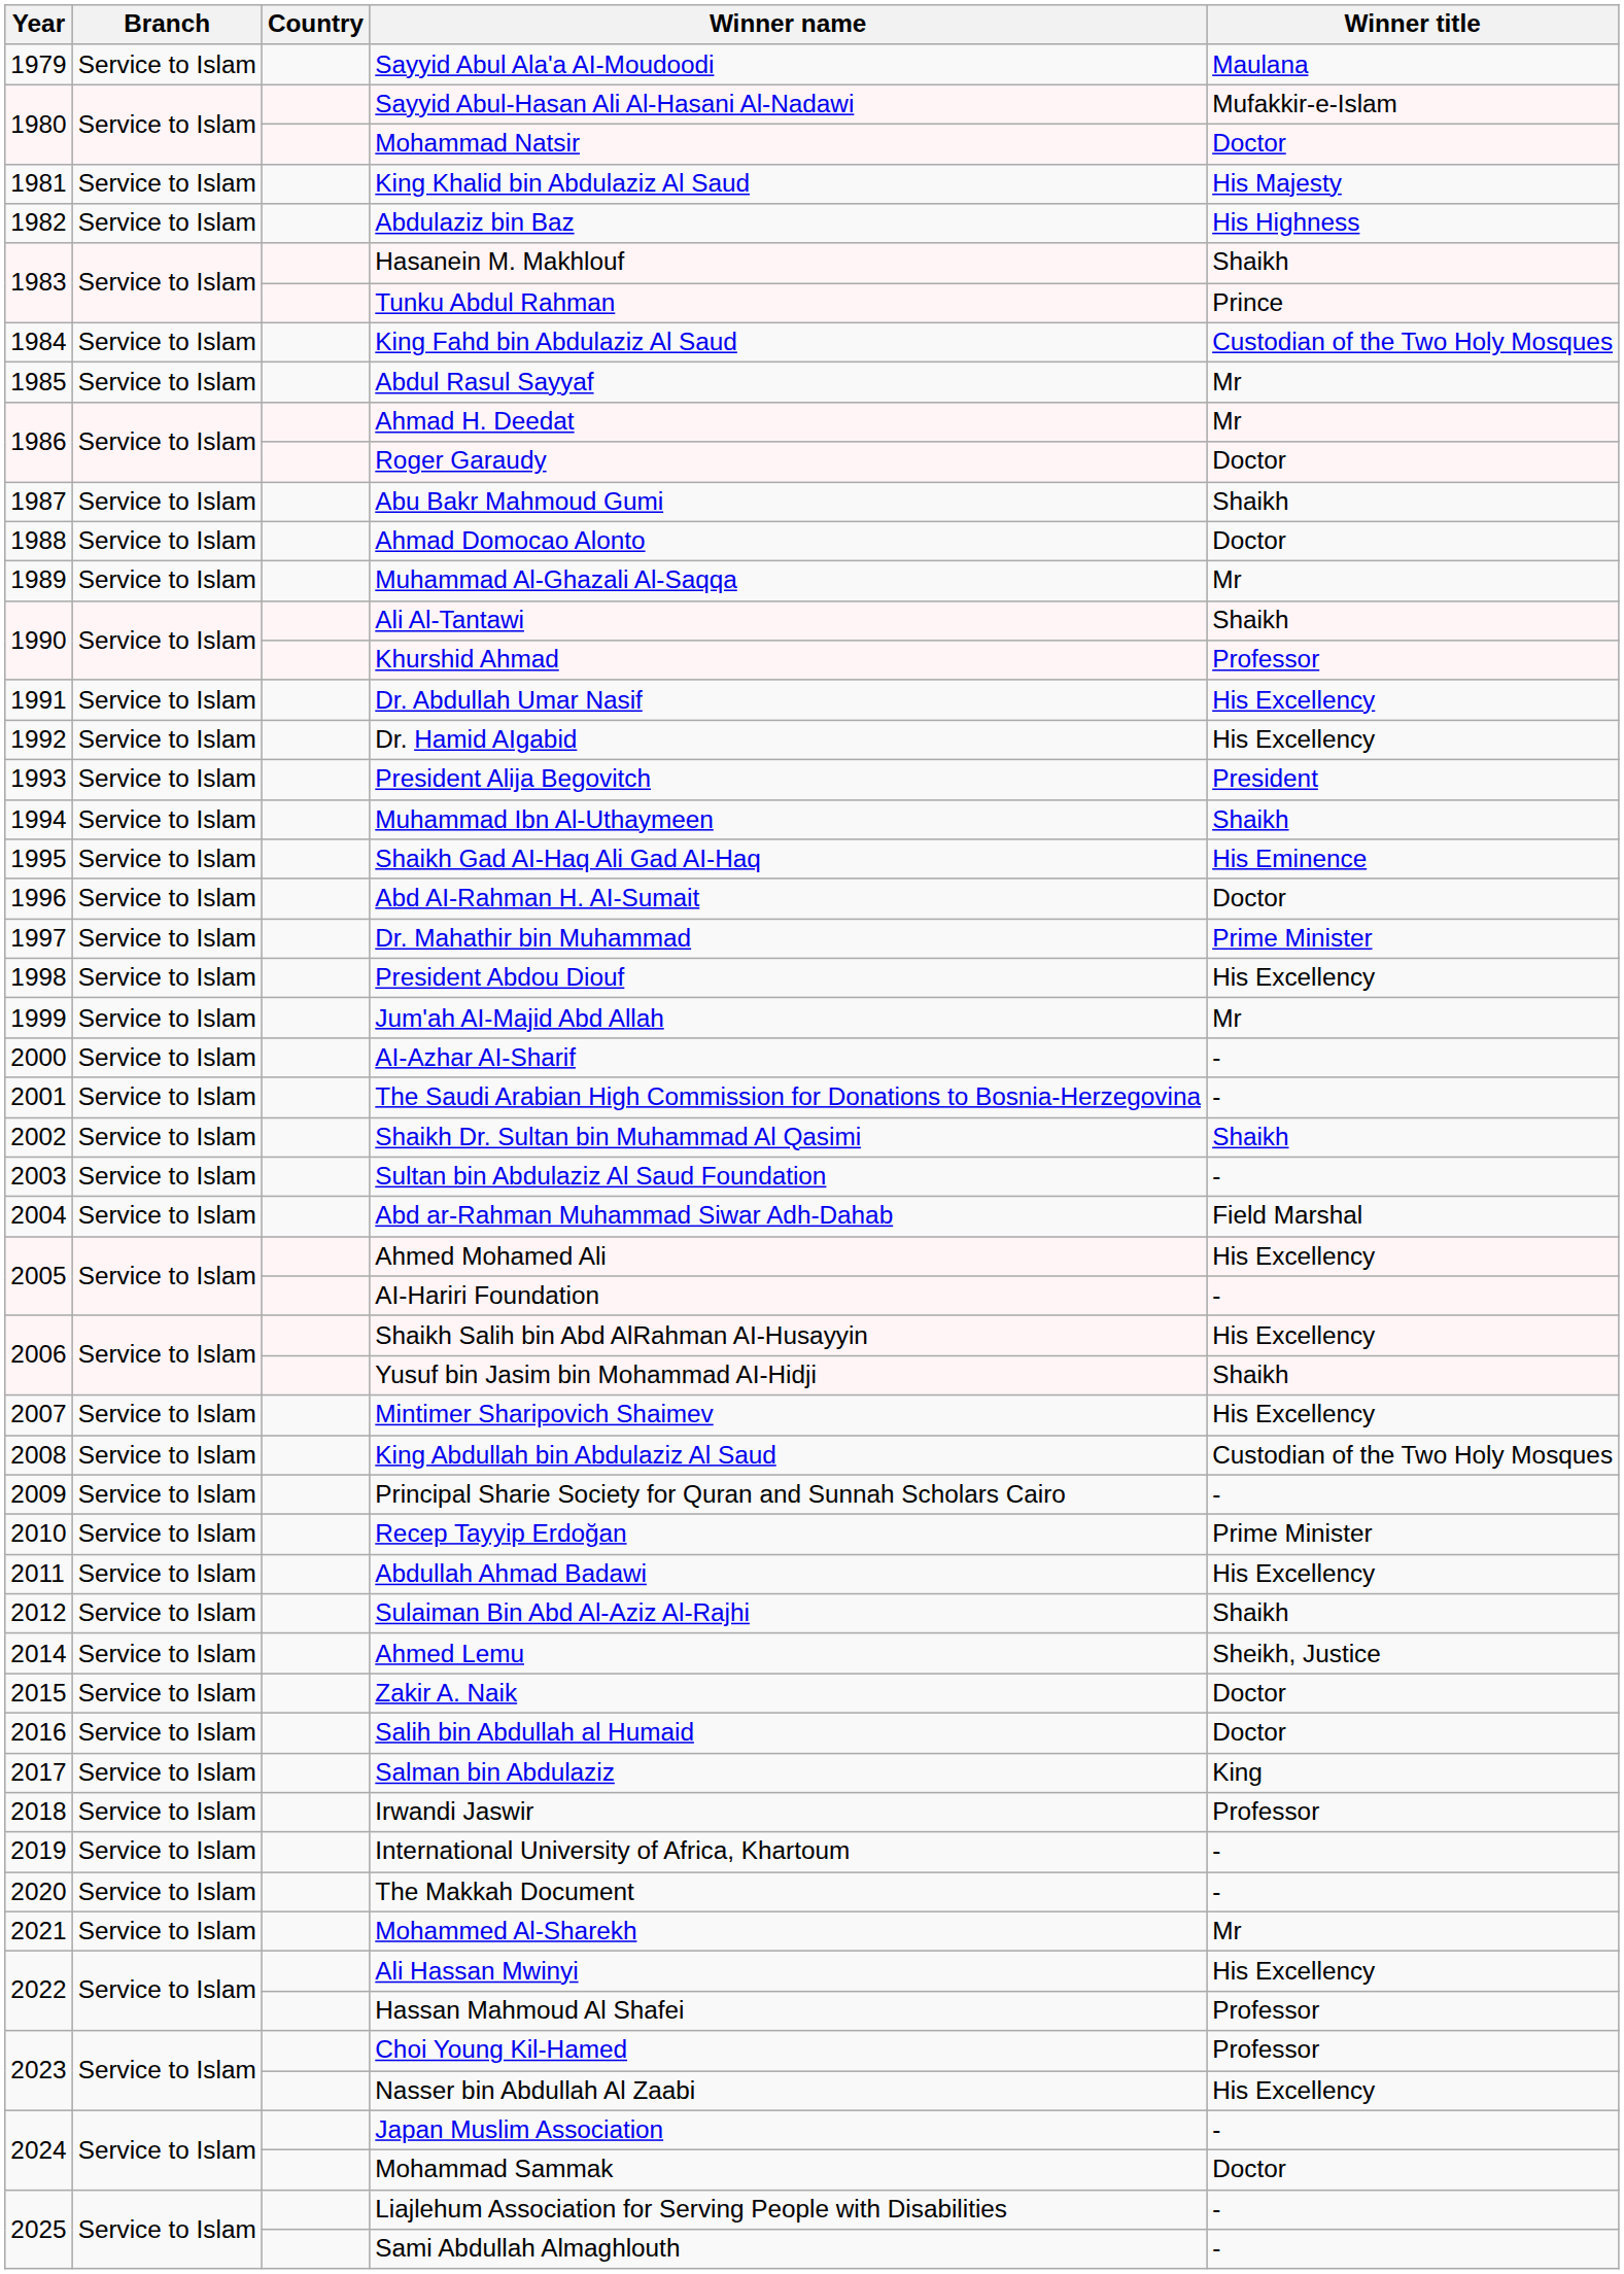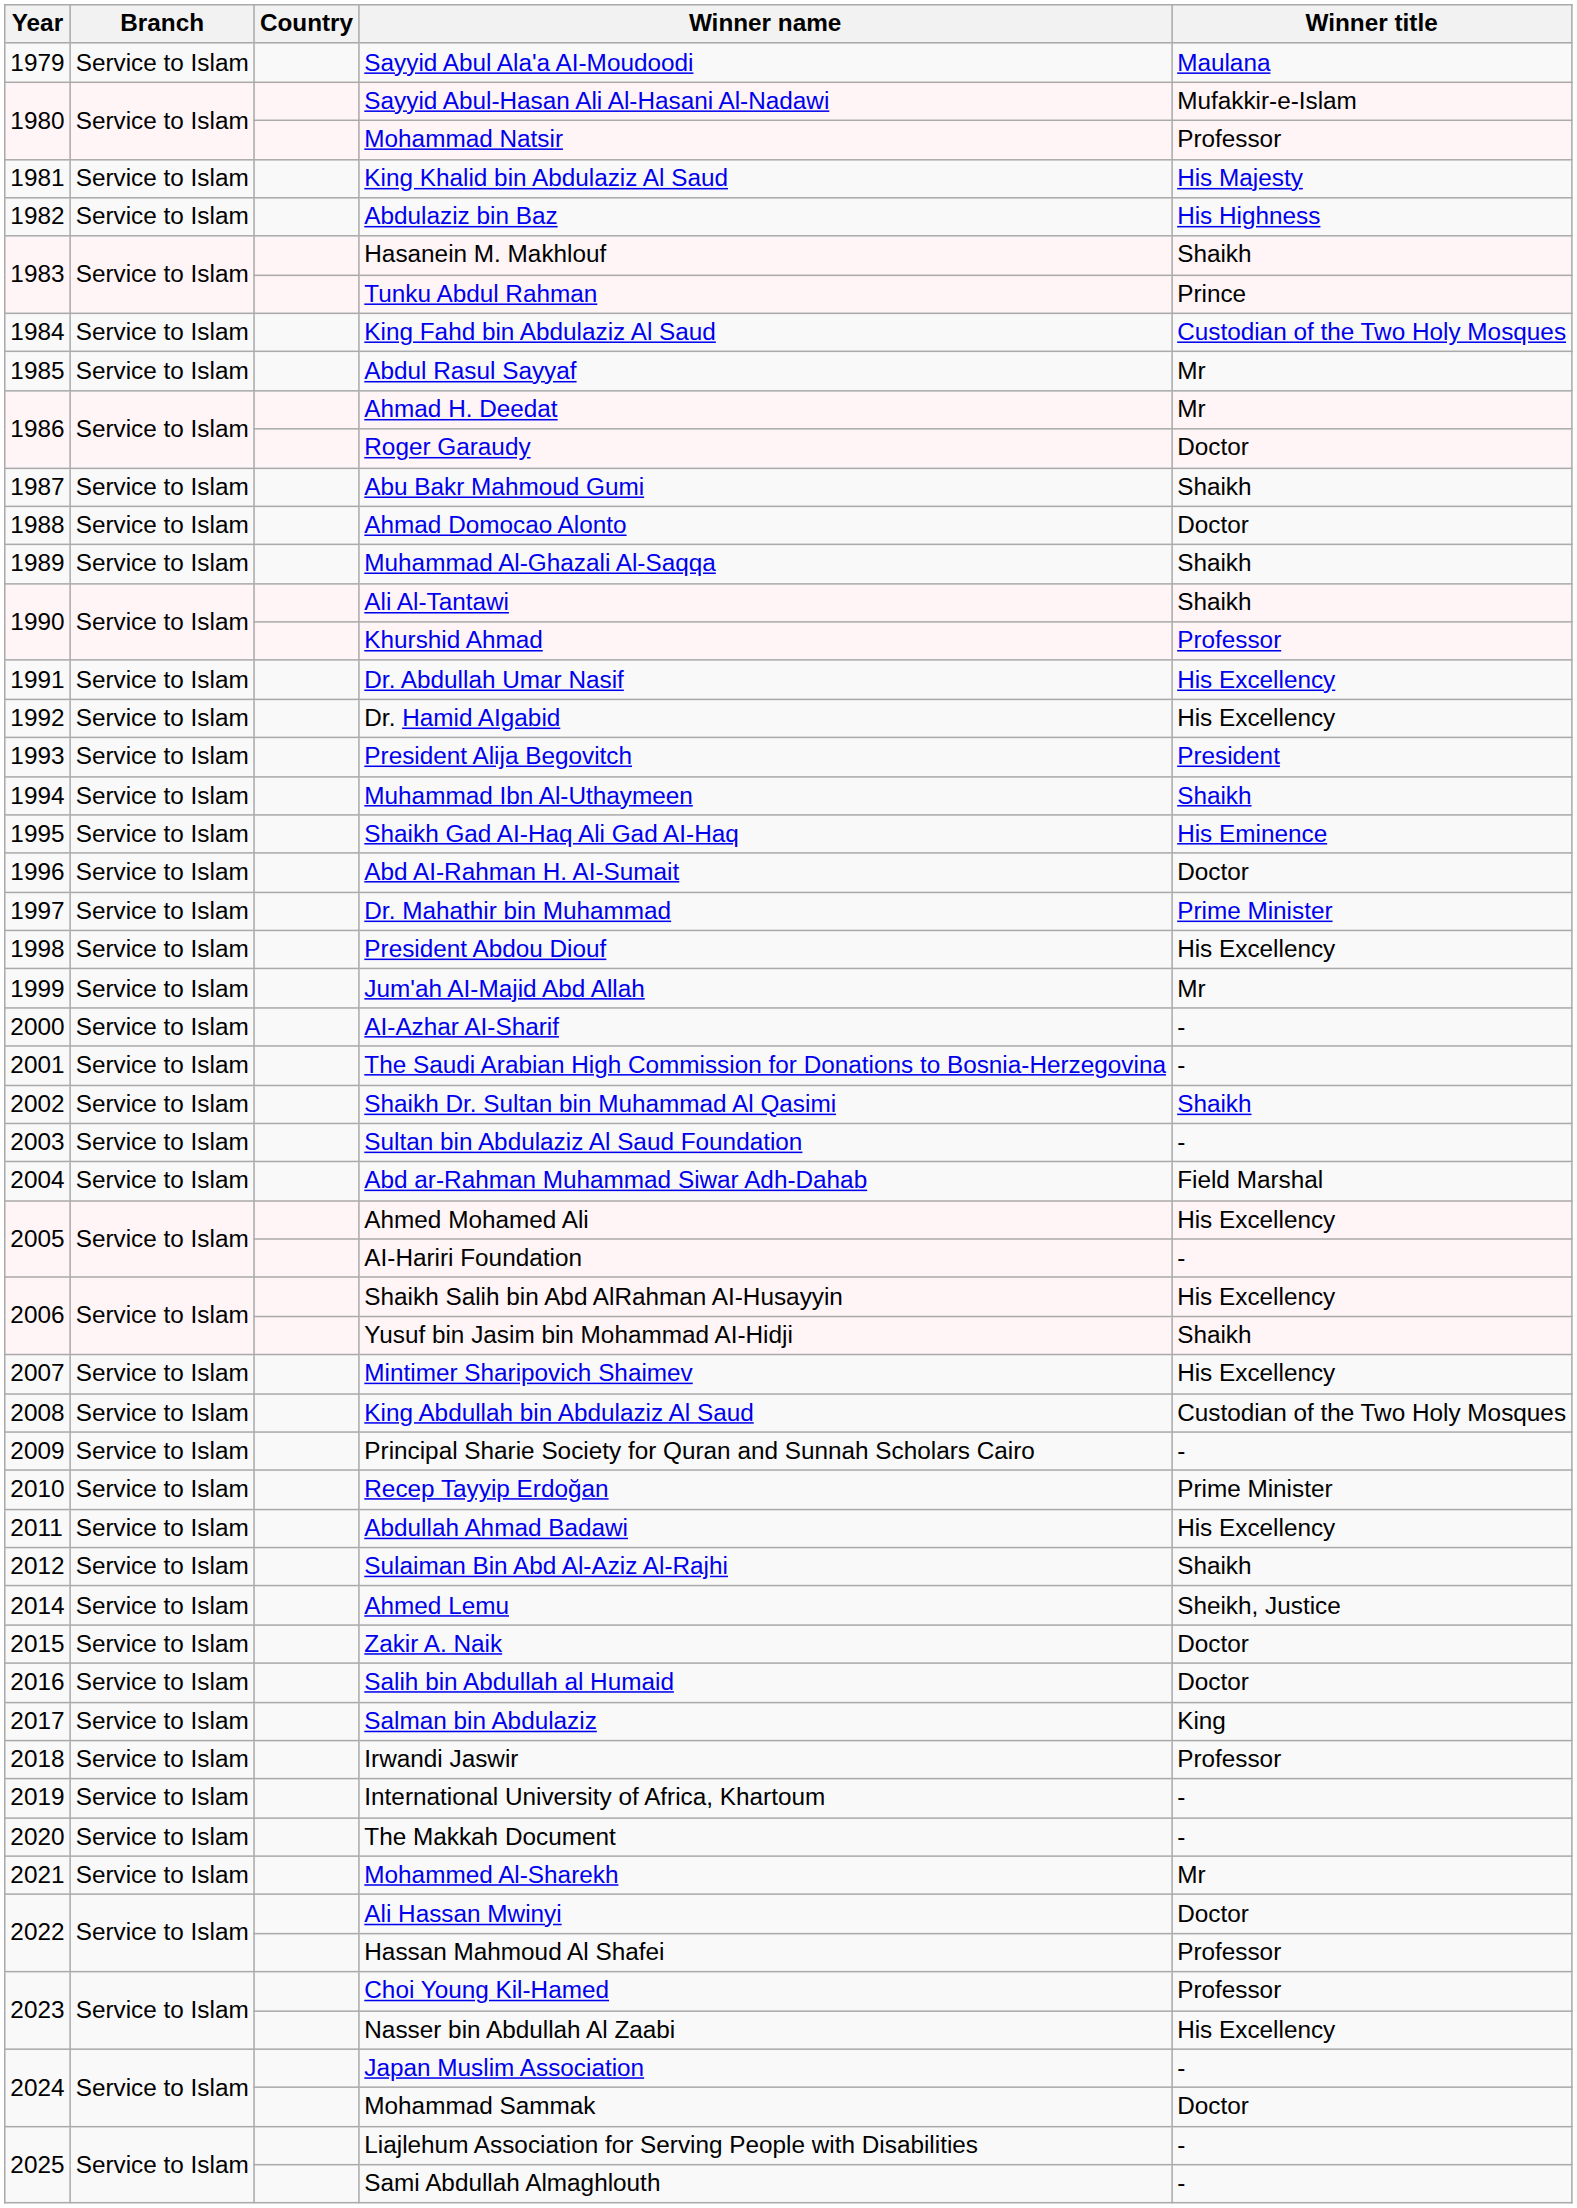 <table class="wikitable sortable" style="min-height: 200px">
 <tr>
 <th>Year</th>
 <th>Branch</th>
 <th>Country</th>
 <th>Winner name</th>
 <th>Winner title</th>
 </tr>
 <tr>
 <td>1979</td>
 <td>Service to Islam</td>
 <td></td>
 <td><a href='#'>Sayyid Abul Ala'a AI-Moudoodi</a></td>
 <td><a href='#'>Maulana</a></td>
 </tr>
 <tr bgcolor="#FFF5F7">
 <td rowspan=2>1980</td>
 <td rowspan=2>Service to Islam</td>
 <td></td>
 <td><a href='#'>Sayyid Abul-Hasan Ali Al-Hasani Al-Nadawi</a></td>
 <td>Mufakkir-e-Islam</td>
 </tr>
 <tr bgcolor="#FFF5F7">
 <td></td>
 <td><a href='#'>Mohammad Natsir</a></td>
-<td><a href='#'>Doctor</a></td>
+<td>Professor</td>
 </tr>
 <tr>
 <td>1981</td>
 <td>Service to Islam</td>
 <td></td>
 <td><a href='#'>King Khalid bin Abdulaziz Al Saud</a></td>
 <td><a href='#'>His Majesty</a></td>
 </tr>
 <tr>
 <td>1982</td>
 <td>Service to Islam</td>
 <td></td>
 <td><a href='#'>Abdulaziz bin Baz</a></td>
 <td><a href='#'>His Highness</a></td>
 </tr>
 <tr bgcolor="#FFF5F7">
 <td rowspan=2>1983</td>
 <td rowspan=2>Service to Islam</td>
 <td></td>
 <td>Hasanein M. Makhlouf</td>
 <td>Shaikh</td>
 </tr>
 <tr bgcolor="#FFF5F7">
 <td></td>
 <td><a href='#'>Tunku Abdul Rahman</a></td>
 <td>Prince</td>
 </tr>
 <tr>
 <td>1984</td>
 <td>Service to Islam</td>
 <td></td>
 <td><a href='#'>King Fahd bin Abdulaziz Al Saud</a></td>
 <td><a href='#'>Custodian of the Two Holy Mosques</a></td>
 </tr>
 <tr>
 <td>1985</td>
 <td>Service to Islam</td>
 <td></td>
 <td><a href='#'>Abdul Rasul Sayyaf</a></td>
 <td>Mr</td>
 </tr>
 <tr bgcolor="#FFF5F7">
 <td rowspan=2>1986</td>
 <td rowspan=2>Service to Islam</td>
 <td></td>
 <td><a href='#'>Ahmad H. Deedat</a></td>
 <td>Mr</td>
 </tr>
 <tr bgcolor="#FFF5F7">
 <td></td>
 <td><a href='#'>Roger Garaudy</a></td>
 <td>Doctor</td>
 </tr>
 <tr>
 <td>1987</td>
 <td>Service to Islam</td>
 <td></td>
 <td><a href='#'>Abu Bakr Mahmoud Gumi</a></td>
 <td>Shaikh</td>
 </tr>
 <tr>
 <td>1988</td>
 <td>Service to Islam</td>
 <td></td>
 <td><a href='#'>Ahmad Domocao Alonto</a></td>
 <td>Doctor</td>
 </tr>
 <tr>
 <td>1989</td>
 <td>Service to Islam</td>
 <td></td>
 <td><a href='#'>Muhammad Al-Ghazali Al-Saqqa</a></td>
-<td>Mr</td>
+<td>Shaikh</td>
 </tr>
 <tr bgcolor="#FFF5F7">
 <td rowspan=2>1990</td>
 <td rowspan=2>Service to Islam</td>
 <td></td>
 <td><a href='#'>Ali Al-Tantawi</a></td>
 <td>Shaikh</td>
 </tr>
 <tr bgcolor="#FFF5F7">
 <td></td>
 <td><a href='#'>Khurshid Ahmad</a></td>
 <td><a href='#'>Professor</a></td>
 </tr>
 <tr>
 <td>1991</td>
 <td>Service to Islam</td>
 <td></td>
 <td><a href='#'>Dr. Abdullah Umar Nasif</a></td>
 <td><a href='#'>His Excellency</a></td>
 </tr>
 <tr>
 <td>1992</td>
 <td>Service to Islam</td>
 <td></td>
 <td>Dr. <a href='#'>Hamid AIgabid</a></td>
 <td>His Excellency</td>
 </tr>
 <tr>
 <td>1993</td>
 <td>Service to Islam</td>
 <td></td>
 <td><a href='#'>President Alija Begovitch</a></td>
 <td><a href='#'>President</a></td>
 </tr>
 <tr>
 <td>1994</td>
 <td>Service to Islam</td>
 <td></td>
 <td><a href='#'>Muhammad Ibn Al-Uthaymeen</a></td>
 <td><a href='#'>Shaikh</a></td>
 </tr>
 <tr>
 <td>1995</td>
 <td>Service to Islam</td>
 <td></td>
 <td><a href='#'>Shaikh Gad AI-Haq Ali Gad AI-Haq</a></td>
 <td><a href='#'>His Eminence</a></td>
 </tr>
 <tr>
 <td>1996</td>
 <td>Service to Islam</td>
 <td></td>
 <td><a href='#'>Abd AI-Rahman H. AI-Sumait</a></td>
 <td>Doctor</td>
 </tr>
 <tr>
 <td>1997</td>
 <td>Service to Islam</td>
 <td></td>
 <td><a href='#'>Dr. Mahathir bin Muhammad</a></td>
 <td><a href='#'>Prime Minister</a></td>
 </tr>
 <tr>
 <td>1998</td>
 <td>Service to Islam</td>
 <td></td>
 <td><a href='#'>President Abdou Diouf</a></td>
 <td>His Excellency</td>
 </tr>
 <tr>
 <td>1999</td>
 <td>Service to Islam</td>
 <td></td>
 <td><a href='#'>Jum'ah AI-Majid Abd Allah</a></td>
 <td>Mr</td>
 </tr>
 <tr>
 <td>2000</td>
 <td>Service to Islam</td>
 <td></td>
 <td><a href='#'>AI-Azhar AI-Sharif</a></td>
 <td>-</td>
 </tr>
 <tr>
 <td>2001</td>
 <td>Service to Islam</td>
 <td></td>
 <td><a href='#'>The Saudi Arabian High Commission for Donations to Bosnia-Herzegovina</a></td>
 <td>-</td>
 </tr>
 <tr>
 <td>2002</td>
 <td>Service to Islam</td>
 <td></td>
 <td><a href='#'>Shaikh Dr. Sultan bin Muhammad Al Qasimi</a></td>
 <td><a href='#'>Shaikh</a></td>
 </tr>
 <tr>
 <td>2003</td>
 <td>Service to Islam</td>
 <td></td>
 <td><a href='#'>Sultan bin Abdulaziz Al Saud Foundation</a></td>
 <td>-</td>
 </tr>
 <tr>
 <td>2004</td>
 <td>Service to Islam</td>
 <td></td>
 <td><a href='#'>Abd ar-Rahman Muhammad Siwar Adh-Dahab</a></td>
 <td>Field Marshal</td>
 </tr>
 <tr bgcolor="#FFF5F7">
 <td rowspan=2>2005</td>
 <td rowspan=2>Service to Islam</td>
 <td></td>
 <td>Ahmed Mohamed Ali</td>
 <td>His Excellency</td>
 </tr>
 <tr bgcolor="#FFF5F7">
 <td></td>
 <td>AI-Hariri Foundation</td>
 <td>-</td>
 </tr>
 <tr bgcolor="#FFF5F7">
 <td rowspan=2>2006</td>
 <td rowspan=2>Service to Islam</td>
 <td></td>
 <td>Shaikh Salih bin Abd AlRahman AI-Husayyin</td>
 <td>His Excellency</td>
 </tr>
 <tr bgcolor="#FFF5F7">
 <td></td>
 <td>Yusuf bin Jasim bin Mohammad AI-Hidji</td>
 <td>Shaikh</td>
 </tr>
 <tr>
 <td>2007</td>
 <td>Service to Islam</td>
 <td></td>
 <td><a href='#'>Mintimer Sharipovich Shaimev</a></td>
 <td>His Excellency</td>
 </tr>
 <tr>
 <td>2008</td>
 <td>Service to Islam</td>
 <td></td>
 <td><a href='#'>King Abdullah bin Abdulaziz Al Saud</a></td>
 <td>Custodian of the Two Holy Mosques</td>
 </tr>
 <tr>
 <td>2009</td>
 <td>Service to Islam</td>
 <td></td>
 <td>Principal Sharie Society for Quran and Sunnah Scholars Cairo</td>
 <td>-</td>
 </tr>
 <tr>
 <td>2010</td>
 <td>Service to Islam</td>
 <td></td>
 <td><a href='#'>Recep Tayyip Erdoğan</a></td>
 <td>Prime Minister</td>
 </tr>
 <tr>
 <td>2011</td>
 <td>Service to Islam</td>
 <td></td>
 <td><a href='#'>Abdullah Ahmad Badawi</a></td>
 <td>His Excellency</td>
 </tr>
 <tr>
 <td>2012</td>
 <td>Service to Islam</td>
 <td></td>
 <td><a href='#'>Sulaiman Bin Abd Al-Aziz Al-Rajhi</a></td>
 <td>Shaikh</td>
 </tr>
 <tr>
 <td>2014</td>
 <td>Service to Islam</td>
 <td></td>
 <td><a href='#'>Ahmed Lemu</a></td>
 <td>Sheikh, Justice</td>
 </tr>
 <tr>
 <td>2015</td>
 <td>Service to Islam</td>
 <td></td>
 <td><a href='#'>Zakir A. Naik</a></td>
 <td>Doctor</td>
 </tr>
 <tr>
 <td>2016</td>
 <td>Service to Islam</td>
 <td></td>
 <td><a href='#'>Salih bin Abdullah al Humaid</a></td>
 <td>Doctor</td>
 </tr>
 <tr>
 <td>2017</td>
 <td>Service to Islam</td>
 <td></td>
 <td><a href='#'>Salman bin Abdulaziz</a></td>
 <td>King</td>
 </tr>
 <tr>
 <td>2018</td>
 <td>Service to Islam</td>
 <td></td>
 <td>Irwandi Jaswir</td>
 <td>Professor</td>
 </tr>
 <tr>
 <td>2019</td>
 <td>Service to Islam</td>
 <td></td>
 <td>International University of Africa, Khartoum</td>
 <td>-</td>
 </tr>
 <tr>
 <td>2020</td>
 <td>Service to Islam</td>
 <td></td>
 <td>The Makkah Document</td>
 <td>-</td>
 </tr>
 <tr>
 <td>2021</td>
 <td>Service to Islam</td>
 <td></td>
 <td><a href='#'>Mohammed Al-Sharekh</a></td>
 <td>Mr</td>
 </tr>
 <tr>
 <td rowspan=2>2022</td>
 <td rowspan=2>Service to Islam</td>
 <td></td>
 <td><a href='#'>Ali Hassan Mwinyi</a></td>
-<td>His Excellency</td>
+<td>Doctor</td>
 </tr>
 <tr>
 <td></td>
 <td>Hassan Mahmoud Al Shafei</td>
 <td>Professor</td>
 </tr>
 <tr>
 <td rowspan=2>2023</td>
 <td rowspan=2>Service to Islam</td>
 <td></td>
 <td><a href='#'>Choi Young Kil-Hamed</a></td>
 <td>Professor</td>
 </tr>
 <tr>
 <td></td>
 <td>Nasser bin Abdullah Al Zaabi</td>
 <td>His Excellency</td>
 </tr>
 <tr>
 <td rowspan=2>2024</td>
 <td rowspan=2>Service to Islam</td>
 <td></td>
 <td><a href='#'>Japan Muslim Association</a></td>
 <td>-</td>
 </tr>
 <tr>
 <td></td>
 <td>Mohammad Sammak</td>
 <td>Doctor</td>
 </tr>
 <tr>
 <td rowspan=2>2025</td>
 <td rowspan=2>Service to Islam</td>
 <td></td>
 <td>Liajlehum Association for Serving People with Disabilities</td>
 <td>-</td>
 </tr>
 <tr>
 <td></td>
 <td>Sami Abdullah Almaghlouth</td>
 <td>-</td>
 </tr>
 </table>
